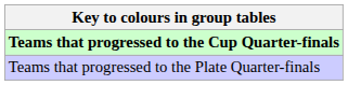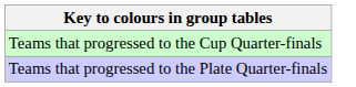 <table class="wikitable">
 <tr>
 <th>Key to colours in group tables</th>
 </tr>
 <tr bgcolor=#ccffcc>
-<td><strong>Teams that progressed to the Cup Quarter-finals</strong></td>
+<td>Teams that progressed to the Cup Quarter-finals</td>
 </tr>
 <tr bgcolor=#ccccff>
 <td>Teams that progressed to the Plate Quarter-finals</td>
 </tr>
 </table>
